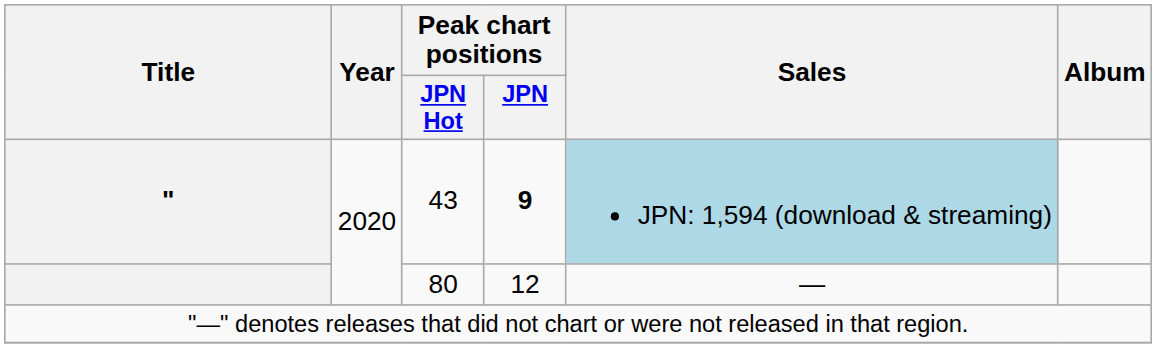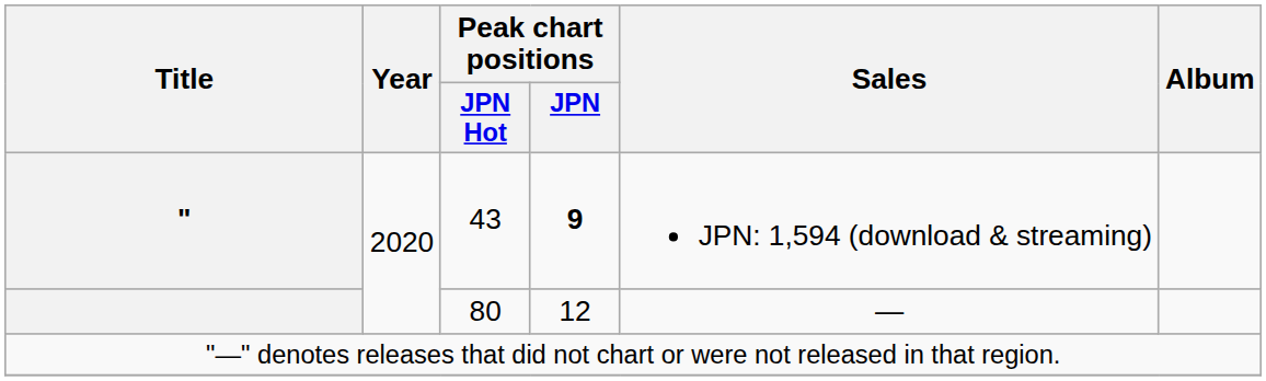 <table class="wikitable plainrowheaders" style="text-align:center;">
 <tr>
 <th scope="col" rowspan="2" style="width:12em;">Title</th>
 <th scope="col" rowspan="2">Year</th>
 <th scope="col" colspan="2">Peak chart positions</th>
 <th scope="col" rowspan="2">Sales</th>
 <th scope="col" rowspan="2">Album</th>
 </tr>
 <tr>
 <th scope="col" style="width:3em;font-size:90%;"><a href='#'>JPN<br>Hot</a><br></th>
 <th scope="col" style="width:3em;font-size:90%;"><a href='#'>JPN<br></a><br></th>
 </tr>
 <tr>
 <th scope="row">"</th>
 <td rowspan="2">2020</td>
 <td>43</td>
 <td><strong>9</strong></td>
-<td style="background: lightblue;"><br><ul><li>JPN: 1,594 (download & streaming)</li></ul></td>
+<td><br><ul><li>JPN: 1,594 (download & streaming)</li></ul></td>
 <td></td>
 </tr>
 <tr>
 <th scope="row"></th>
 <td>80</td>
 <td>12</td>
 <td>—</td>
 <td></td>
 </tr>
 <tr>
 <td colspan="6" style="font-size:90%;">"—" denotes releases that did not chart or were not released in that region.</td>
 </tr>
 <tr>
 </tr>
 </table>
